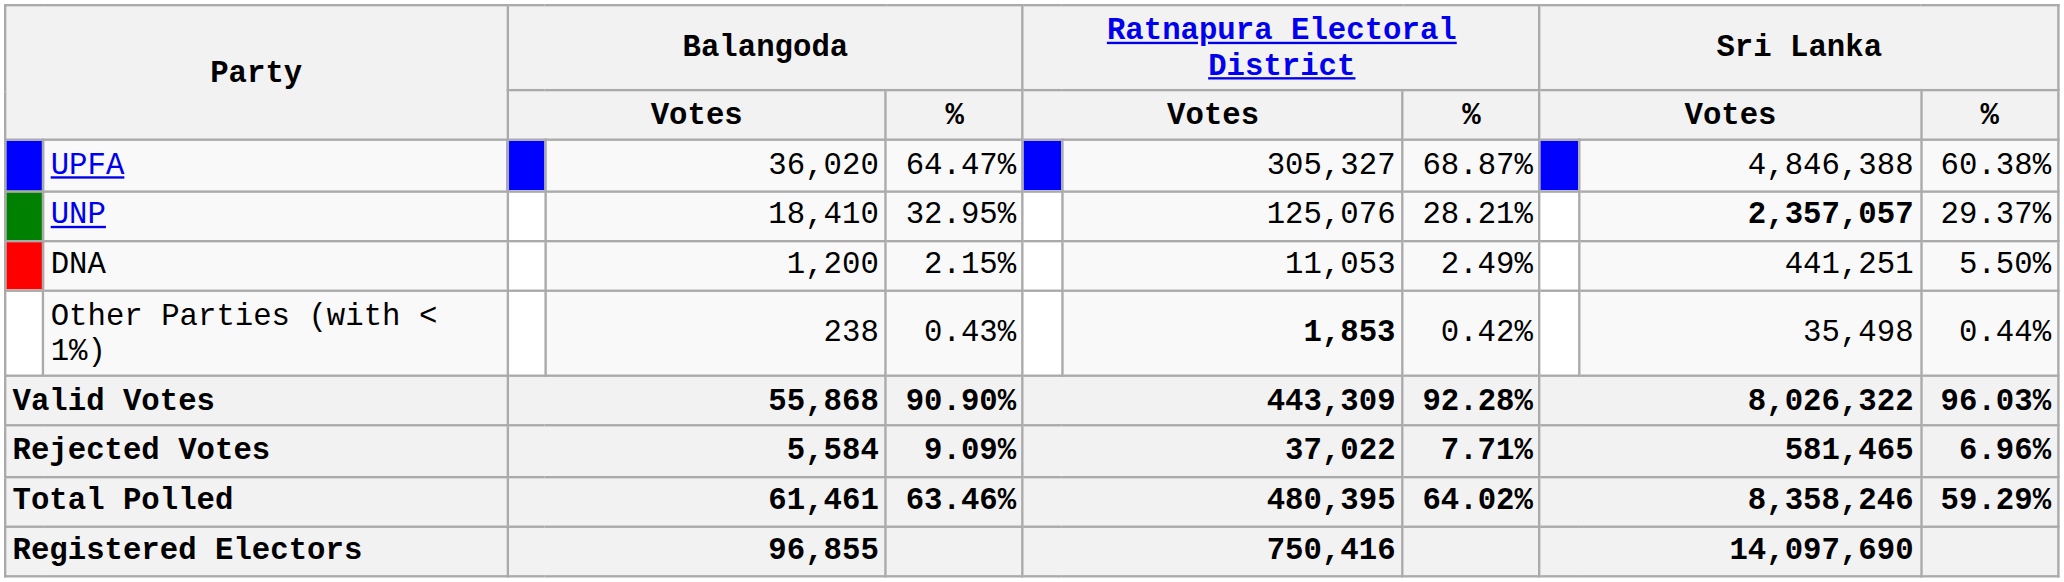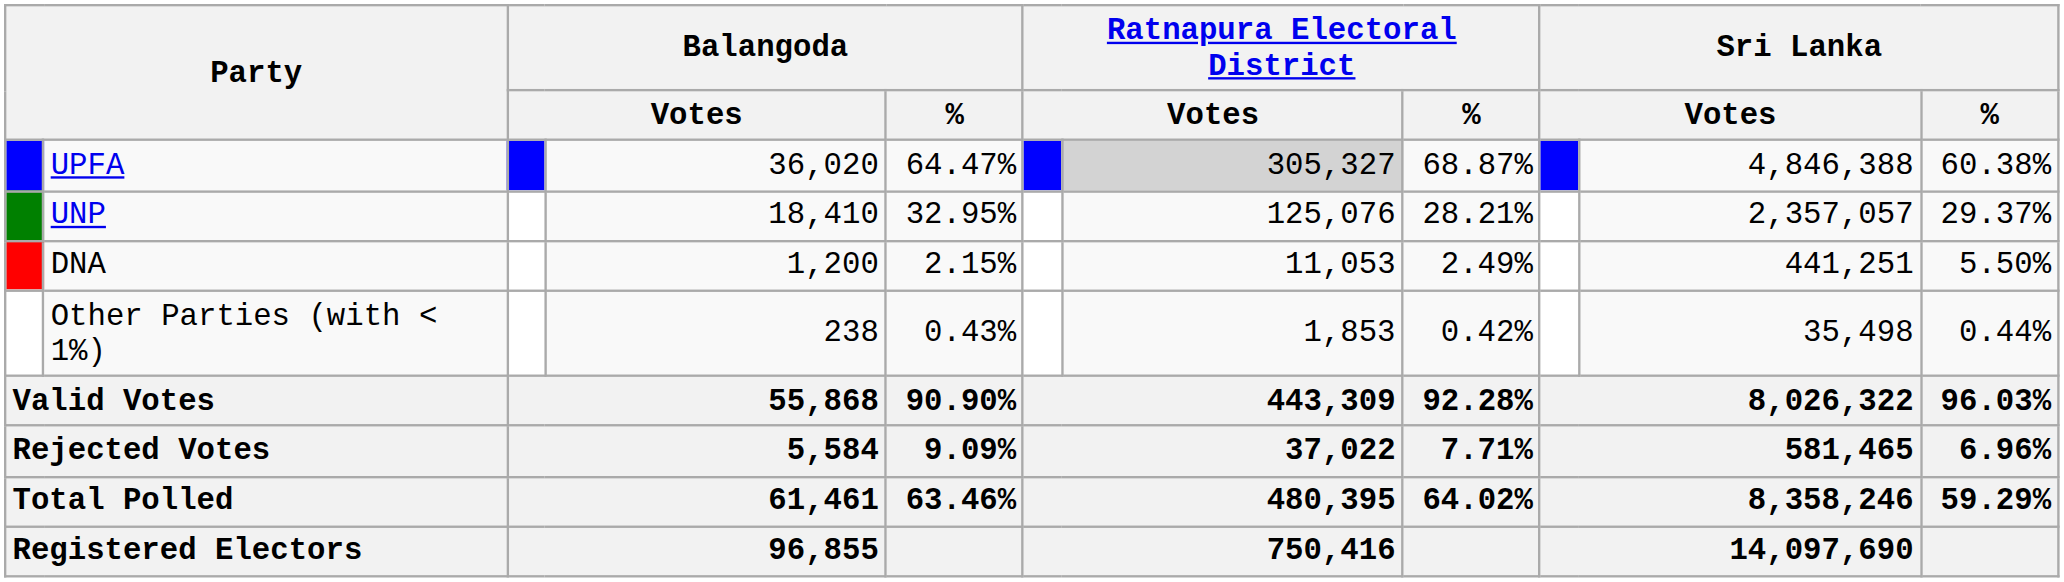 <table class="wikitable">
 <tr>
 <th colspan="2" width="144px"rowspan="2">Party</th>
 <th colspan="3" width="216px">Balangoda</th>
 <th colspan="3" width="216px"><a href='#'>Ratnapura Electoral District</a></th>
 <th colspan="3" width="216px">Sri Lanka</th>
 </tr>
 <tr>
 <th colspan="2" width="144px">Votes</th>
 <th>%</th>
 <th colspan="2" width="144px">Votes</th>
 <th>%</th>
 <th colspan="2" width="144px">Votes</th>
 <th>%</th>
 </tr>
 <tr>
 <td style="background-color:blue;" width="10px"></td>
 <td style="text-align:left;"><a href='#'>UPFA</a></td>
 <td style="background-color:blue;" width="10px"></td>
 <td style="text-align:right;">36,020</td>
 <td style="text-align:right;">64.47%</td>
 <td style="background-color:blue;" width="10px"></td>
-<td style="text-align:right;">305,327</td>
+<td style="background: lightgrey; text-align:right;">305,327</td>
 <td style="text-align:right;">68.87%</td>
 <td style="background-color:blue;" width="10px"></td>
 <td style="text-align:right;">4,846,388</td>
 <td style="text-align:right;">60.38%</td>
 </tr>
 <tr>
 <td style="background-color:green;" width="10px"></td>
 <td style="text-align:left;"><a href='#'>UNP</a></td>
 <td style="background-color:white;" width="10px"></td>
 <td style="text-align:right;">18,410</td>
 <td style="text-align:right;">32.95%</td>
 <td style="background-color:white;" width="10px"></td>
 <td style="text-align:right;">125,076</td>
 <td style="text-align:right;">28.21%</td>
 <td style="background-color:white;" width="10px"></td>
-<td style="text-align:right;"><strong>2,357,057</strong></td>
+<td style="text-align:right;">2,357,057</td>
 <td style="text-align:right;">29.37%</td>
 </tr>
 <tr>
 <td style="background-color:red;" width="10px"></td>
 <td style="text-align:left;">DNA</td>
 <td style="background-color:white;" width="10px"></td>
 <td style="text-align:right;">1,200</td>
 <td style="text-align:right;">2.15%</td>
 <td style="background-color:white;" width="10px"></td>
 <td style="text-align:right;">11,053</td>
 <td style="text-align:right;">2.49%</td>
 <td style="background-color:white;" width="10px"></td>
 <td style="text-align:right;">441,251</td>
 <td style="text-align:right;">5.50%</td>
 </tr>
 <tr>
 <td style="background-color:white;" width="10px"></td>
 <td style="text-align:left;">Other Parties (with < 1%)</td>
 <td style="background-color:white;" width="10px"></td>
 <td style="text-align:right;">238</td>
 <td style="text-align:right;">0.43%</td>
 <td style="background-color:white;" width="10px"></td>
-<td style="text-align:right;"><strong>1,853</strong></td>
+<td style="text-align:right;">1,853</td>
 <td style="text-align:right;">0.42%</td>
 <td style="background-color:white;" width="10px"></td>
 <td style="text-align:right;">35,498</td>
 <td style="text-align:right;">0.44%</td>
 </tr>
 <tr>
 <th colspan="2" width="144px"style="text-align:left;">Valid Votes</th>
 <th style="text-align:right;"colspan="2" width="144px">55,868</th>
 <th style="text-align:right;">90.90%</th>
 <th style="text-align:right;"colspan="2" width="144px">443,309</th>
 <th style="text-align:right;">92.28%</th>
 <th style="text-align:right;"colspan="2" width="144px">8,026,322</th>
 <th style="text-align:right;">96.03%</th>
 </tr>
 <tr>
 <th colspan="2" width="144px"style="text-align:left;">Rejected Votes</th>
 <th style="text-align:right;"colspan="2" width="144px">5,584</th>
 <th style="text-align:right;">9.09%</th>
 <th style="text-align:right;"colspan="2" width="144px">37,022</th>
 <th style="text-align:right;">7.71%</th>
 <th style="text-align:right;"colspan="2" width="144px">581,465</th>
 <th style="text-align:right;">6.96%</th>
 </tr>
 <tr>
 <th colspan="2" width="144px"style="text-align:left;">Total Polled</th>
 <th style="text-align:right;"colspan="2" width="144px">61,461</th>
 <th style="text-align:right;">63.46%</th>
 <th style="text-align:right;"colspan="2" width="144px">480,395</th>
 <th style="text-align:right;">64.02%</th>
 <th style="text-align:right;"colspan="2" width="144px">8,358,246</th>
 <th style="text-align:right;">59.29%</th>
 </tr>
 <tr>
 <th colspan="2" width="144px"style="text-align:left;">Registered Electors</th>
 <th style="text-align:right;"colspan="2" width="144px">96,855</th>
 <th></th>
 <th style="text-align:right;"colspan="2" width="144px">750,416</th>
 <th></th>
 <th style="text-align:right;"colspan="2" width="144px">14,097,690</th>
 <th></th>
 </tr>
 </table>
